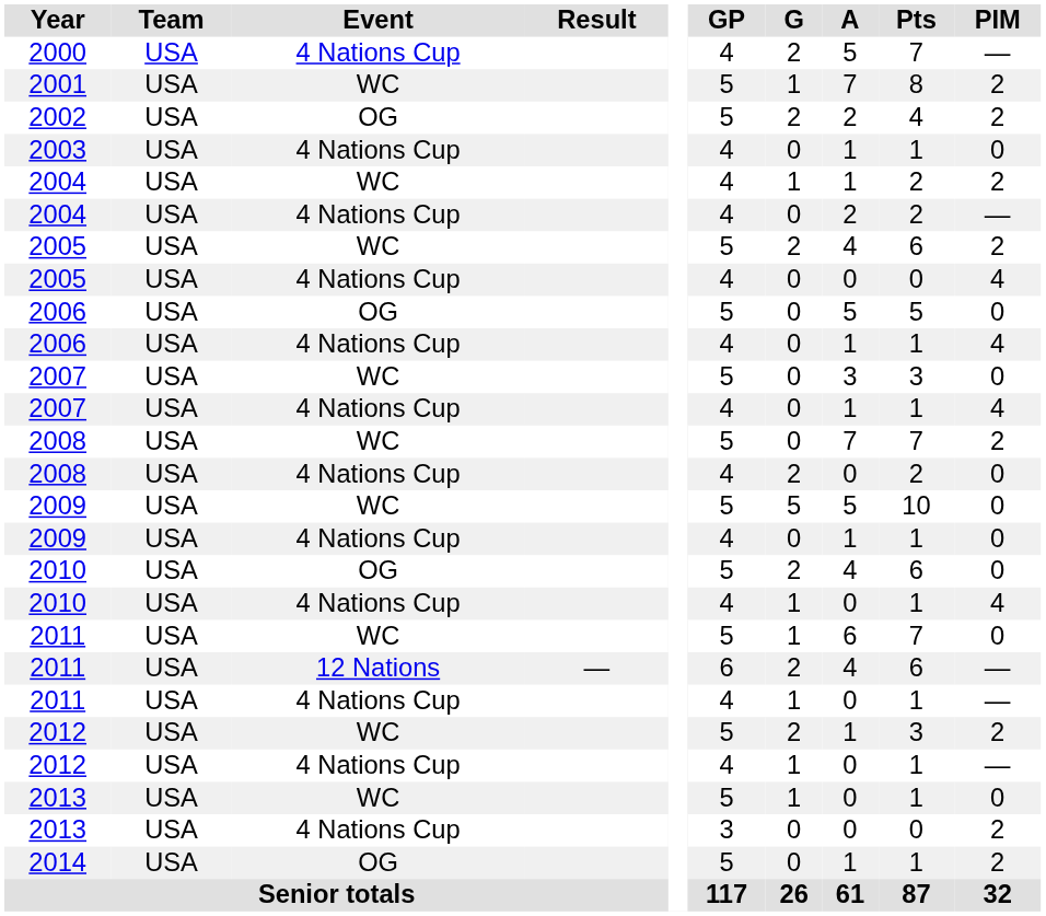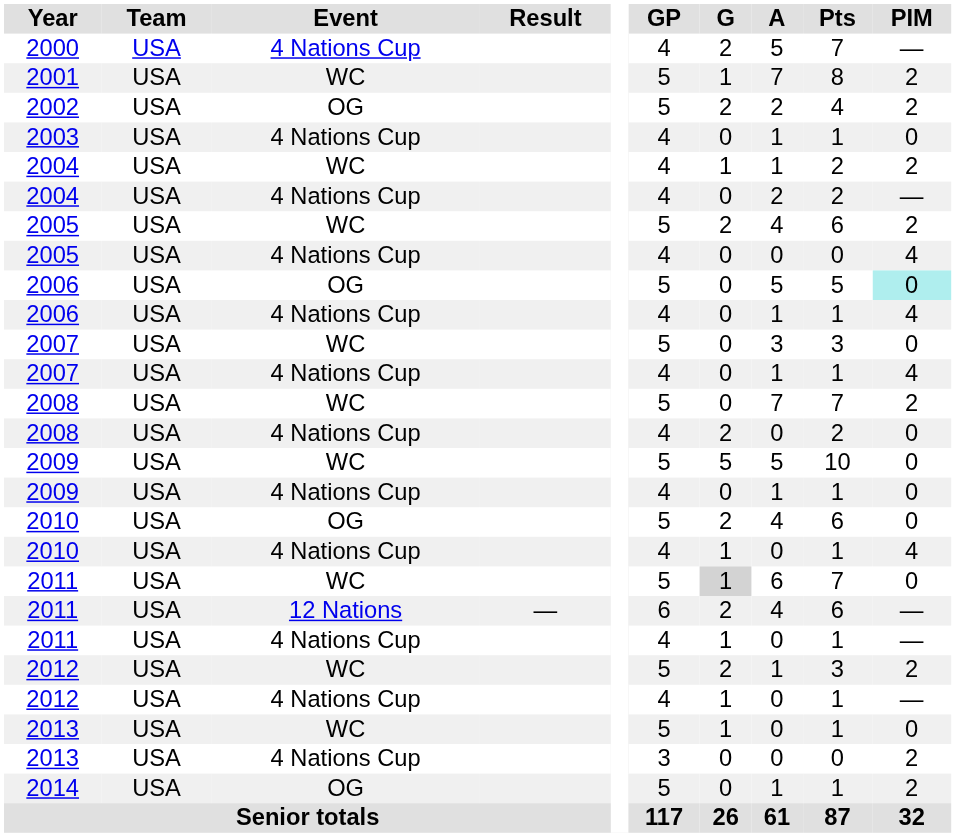 <table border="0" cellpadding="1" cellspacing="0" style="text-align:center; width:40em">
 <tr ALIGN="centre" bgcolor="#e0e0e0">
 <th>Year</th>
 <th>Team</th>
 <th>Event</th>
 <th>Result</th>
 <th rowspan="99" bgcolor="#ffffff"> </th>
 <th>GP</th>
 <th>G</th>
 <th>A</th>
 <th>Pts</th>
 <th>PIM</th>
 </tr>
 <tr>
 <td><a href='#'>2000</a></td>
 <td><a href='#'>USA</a></td>
 <td><a href='#'>4 Nations Cup</a></td>
 <td></td>
 <td>4</td>
 <td>2</td>
 <td>5</td>
 <td>7</td>
 <td>—</td>
 </tr>
 <tr style="background:#f0f0f0;">
 <td><a href='#'>2001</a></td>
 <td>USA</td>
 <td>WC</td>
 <td></td>
 <td>5</td>
 <td>1</td>
 <td>7</td>
 <td>8</td>
 <td>2</td>
 </tr>
 <tr>
 <td><a href='#'>2002</a></td>
 <td>USA</td>
 <td>OG</td>
 <td></td>
 <td>5</td>
 <td>2</td>
 <td>2</td>
 <td>4</td>
 <td>2</td>
 </tr>
 <tr style="background:#f0f0f0;">
 <td><a href='#'>2003</a></td>
 <td>USA</td>
 <td>4 Nations Cup</td>
 <td></td>
 <td>4</td>
 <td>0</td>
 <td>1</td>
 <td>1</td>
 <td>0</td>
 </tr>
 <tr>
 <td><a href='#'>2004</a></td>
 <td>USA</td>
 <td>WC</td>
 <td></td>
 <td>4</td>
 <td>1</td>
 <td>1</td>
 <td>2</td>
 <td>2</td>
 </tr>
 <tr style="background:#f0f0f0;">
 <td><a href='#'>2004</a></td>
 <td>USA</td>
 <td>4 Nations Cup</td>
 <td></td>
 <td>4</td>
 <td>0</td>
 <td>2</td>
 <td>2</td>
 <td>—</td>
 </tr>
 <tr>
 <td><a href='#'>2005</a></td>
 <td>USA</td>
 <td>WC</td>
 <td></td>
 <td>5</td>
 <td>2</td>
 <td>4</td>
 <td>6</td>
 <td>2</td>
 </tr>
 <tr style="background:#f0f0f0;">
 <td><a href='#'>2005</a></td>
 <td>USA</td>
 <td>4 Nations Cup</td>
 <td></td>
 <td>4</td>
 <td>0</td>
 <td>0</td>
 <td>0</td>
 <td>4</td>
 </tr>
 <tr>
 <td><a href='#'>2006</a></td>
 <td>USA</td>
 <td>OG</td>
 <td></td>
 <td>5</td>
 <td>0</td>
 <td>5</td>
 <td>5</td>
-<td>0</td>
+<td style="background: paleturquoise;">0</td>
 </tr>
 <tr style="background:#f0f0f0;">
 <td><a href='#'>2006</a></td>
 <td>USA</td>
 <td>4 Nations Cup</td>
 <td></td>
 <td>4</td>
 <td>0</td>
 <td>1</td>
 <td>1</td>
 <td>4</td>
 </tr>
 <tr>
 <td><a href='#'>2007</a></td>
 <td>USA</td>
 <td>WC</td>
 <td></td>
 <td>5</td>
 <td>0</td>
 <td>3</td>
 <td>3</td>
 <td>0</td>
 </tr>
 <tr style="background:#f0f0f0;">
 <td><a href='#'>2007</a></td>
 <td>USA</td>
 <td>4 Nations Cup</td>
 <td></td>
 <td>4</td>
 <td>0</td>
 <td>1</td>
 <td>1</td>
 <td>4</td>
 </tr>
 <tr>
 <td><a href='#'>2008</a></td>
 <td>USA</td>
 <td>WC</td>
 <td></td>
 <td>5</td>
 <td>0</td>
 <td>7</td>
 <td>7</td>
 <td>2</td>
 </tr>
 <tr style="background:#f0f0f0;">
 <td><a href='#'>2008</a></td>
 <td>USA</td>
 <td>4 Nations Cup</td>
 <td></td>
 <td>4</td>
 <td>2</td>
 <td>0</td>
 <td>2</td>
 <td>0</td>
 </tr>
 <tr>
 <td><a href='#'>2009</a></td>
 <td>USA</td>
 <td>WC</td>
 <td></td>
 <td>5</td>
 <td>5</td>
 <td>5</td>
 <td>10</td>
 <td>0</td>
 </tr>
 <tr style="background:#f0f0f0;">
 <td><a href='#'>2009</a></td>
 <td>USA</td>
 <td>4 Nations Cup</td>
 <td></td>
 <td>4</td>
 <td>0</td>
 <td>1</td>
 <td>1</td>
 <td>0</td>
 </tr>
 <tr>
 <td><a href='#'>2010</a></td>
 <td>USA</td>
 <td>OG</td>
 <td></td>
 <td>5</td>
 <td>2</td>
 <td>4</td>
 <td>6</td>
 <td>0</td>
 </tr>
 <tr style="background:#f0f0f0;">
 <td><a href='#'>2010</a></td>
 <td>USA</td>
 <td>4 Nations Cup</td>
 <td></td>
 <td>4</td>
 <td>1</td>
 <td>0</td>
 <td>1</td>
 <td>4</td>
 </tr>
 <tr>
 <td><a href='#'>2011</a></td>
 <td>USA</td>
 <td>WC</td>
 <td></td>
 <td>5</td>
-<td>1</td>
+<td style="background: lightgrey;">1</td>
 <td>6</td>
 <td>7</td>
 <td>0</td>
 </tr>
 <tr style="background:#f0f0f0;">
 <td><a href='#'>2011</a></td>
 <td>USA</td>
 <td><a href='#'>12 Nations</a></td>
 <td>—</td>
 <td>6</td>
 <td>2</td>
 <td>4</td>
 <td>6</td>
 <td>—</td>
 </tr>
 <tr>
 <td><a href='#'>2011</a></td>
 <td>USA</td>
 <td>4 Nations Cup</td>
 <td></td>
 <td>4</td>
 <td>1</td>
 <td>0</td>
 <td>1</td>
 <td>—</td>
 </tr>
 <tr style="background:#f0f0f0;">
 <td><a href='#'>2012</a></td>
 <td>USA</td>
 <td>WC</td>
 <td></td>
 <td>5</td>
 <td>2</td>
 <td>1</td>
 <td>3</td>
 <td>2</td>
 </tr>
 <tr>
 <td><a href='#'>2012</a></td>
 <td>USA</td>
 <td>4 Nations Cup</td>
 <td></td>
 <td>4</td>
 <td>1</td>
 <td>0</td>
 <td>1</td>
 <td>—</td>
 </tr>
 <tr style="background:#f0f0f0;">
 <td><a href='#'>2013</a></td>
 <td>USA</td>
 <td>WC</td>
 <td></td>
 <td>5</td>
 <td>1</td>
 <td>0</td>
 <td>1</td>
 <td>0</td>
 </tr>
 <tr>
 <td><a href='#'>2013</a></td>
 <td>USA</td>
 <td>4 Nations Cup</td>
 <td></td>
 <td>3</td>
 <td>0</td>
 <td>0</td>
 <td>0</td>
 <td>2</td>
 </tr>
 <tr style="background:#f0f0f0;">
 <td><a href='#'>2014</a></td>
 <td>USA</td>
 <td>OG</td>
 <td></td>
 <td>5</td>
 <td>0</td>
 <td>1</td>
 <td>1</td>
 <td>2</td>
 </tr>
 <tr style="background:#e0e0e0;">
 <th colspan=4>Senior totals</th>
 <th>117</th>
 <th>26</th>
 <th>61</th>
 <th>87</th>
 <th>32</th>
 </tr>
 </table>
